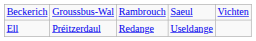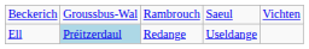 <table class="wikitable">
 <tr>
 <td><a href='#'>Beckerich</a></td>
 <td><a href='#'>Groussbus-Wal</a></td>
 <td><a href='#'>Rambrouch</a></td>
 <td><a href='#'>Saeul</a></td>
 <td><a href='#'>Vichten</a></td>
 </tr>
 <tr>
 <td><a href='#'>Ell</a></td>
-<td><a href='#'>Préitzerdaul</a></td>
+<td style="background: lightblue;"><a href='#'>Préitzerdaul</a></td>
 <td><a href='#'>Redange</a></td>
 <td><a href='#'>Useldange</a></td>
 </tr>
 </table>
